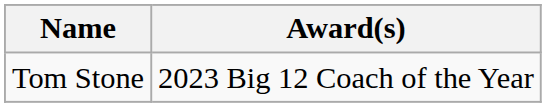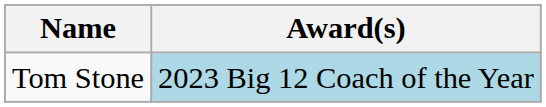 <table class="wikitable">
 <tr>
 <th width=px>Name</th>
 <th width=px>Award(s)</th>
 </tr>
 <tr>
 <td>Tom Stone</td>
-<td>2023 Big 12 Coach of the Year</td>
+<td style="background: lightblue;">2023 Big 12 Coach of the Year</td>
 </tr>
 </table>
